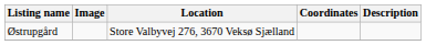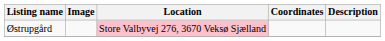 <table class="wikitable sortable">
 <tr>
 <th>Listing name</th>
 <th>Image</th>
 <th>Location</th>
 <th>Coordinates</th>
 <th>Description</th>
 </tr>
 <tr>
 <td>Østrupgård</td>
 <td></td>
-<td>Store Valbyvej 276, 3670 Veksø Sjælland</td>
+<td style="background: pink;">Store Valbyvej 276, 3670 Veksø Sjælland</td>
 <td></td>
 <td></td>
 </tr>
 <tr>
 </tr>
 </table>
